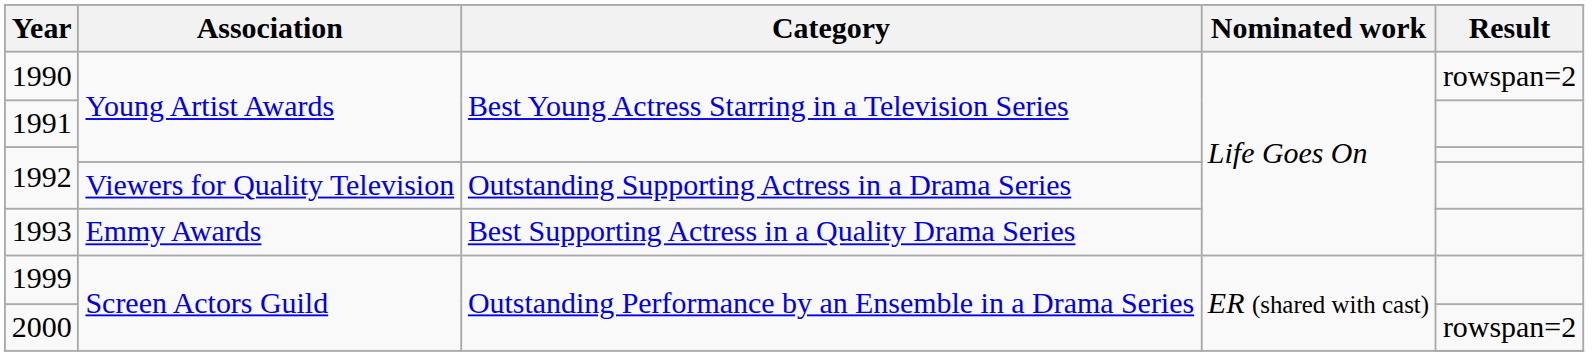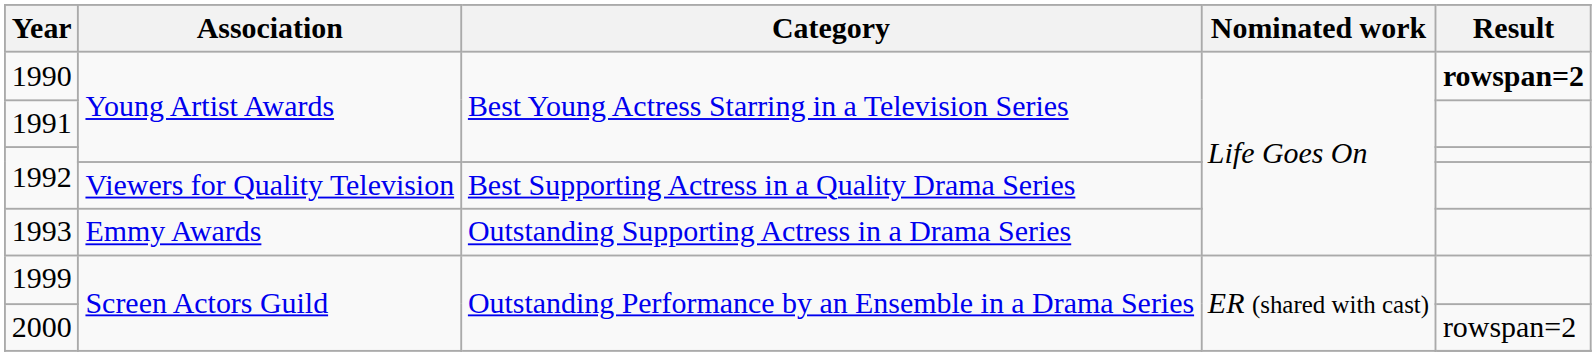 <table class="wikitable">
 <tr>
 <th>Year</th>
 <th>Association</th>
 <th>Category</th>
 <th>Nominated work</th>
 <th>Result</th>
 </tr>
 <tr>
 <td>1990</td>
 <td rowspan=3><a href='#'>Young Artist Awards</a></td>
 <td rowspan="3"><a href='#'>Best Young Actress Starring in a Television Series</a></td>
 <td rowspan=5><em>Life Goes On</em></td>
-<td>rowspan=2 </td>
+<td><strong>rowspan=2 </strong></td>
 </tr>
 <tr>
 <td>1991</td>
 </tr>
 <tr>
 <td rowspan=2>1992</td>
 <td></td>
 </tr>
 <tr>
 <td><a href='#'>Viewers for Quality Television</a></td>
-<td><a href='#'>Outstanding Supporting Actress in a Drama Series</a></td>
+<td><a href='#'>Best Supporting Actress in a Quality Drama Series</a></td>
 <td></td>
 </tr>
 <tr>
 <td>1993</td>
 <td><a href='#'>Emmy Awards</a></td>
-<td><a href='#'>Best Supporting Actress in a Quality Drama Series</a></td>
+<td><a href='#'>Outstanding Supporting Actress in a Drama Series</a></td>
 <td></td>
 </tr>
 <tr>
 <td>1999</td>
 <td rowspan=3><a href='#'>Screen Actors Guild</a></td>
 <td rowspan=3><a href='#'>Outstanding Performance by an Ensemble in a Drama Series</a></td>
 <td rowspan=3><em>ER</em> <small>(shared with cast)</small></td>
 <td></td>
 </tr>
 <tr>
 <td rowspan=2>2000</td>
 <td>rowspan=2 </td>
 </tr>
 <tr>
 </tr>
 </table>
